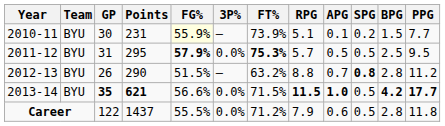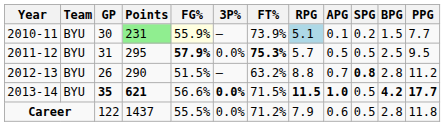 <table class="wikitable sortable">
 <tr>
 <th>Year</th>
 <th>Team</th>
 <th>GP</th>
 <th>Points</th>
 <th>FG%</th>
 <th>3P%</th>
 <th>FT%</th>
 <th>RPG</th>
 <th>APG</th>
 <th>SPG</th>
 <th>BPG</th>
 <th>PPG</th>
 </tr>
 <tr>
 <td>2010-11</td>
 <td>BYU</td>
 <td>30</td>
-<td>231</td>
+<td style="background: lightgreen;">231</td>
 <td style="background: lightyellow;">55.9%</td>
 <td>—</td>
 <td>73.9%</td>
-<td>5.1</td>
+<td style="background: lightblue;">5.1</td>
 <td>0.1</td>
 <td>0.2</td>
 <td>1.5</td>
 <td>7.7</td>
 </tr>
 <tr>
 <td>2011-12</td>
 <td>BYU</td>
 <td>31</td>
 <td>295</td>
 <td><strong>57.9%</strong></td>
 <td>0.0%</td>
 <td><strong>75.3%</strong></td>
 <td>5.7</td>
 <td>0.5</td>
 <td>0.5</td>
 <td>2.5</td>
 <td>9.5</td>
 </tr>
 <tr>
 <td>2012-13</td>
 <td>BYU</td>
 <td>26</td>
 <td>290</td>
 <td>51.5%</td>
 <td>—</td>
 <td>63.2%</td>
 <td>8.8</td>
 <td>0.7</td>
 <td><strong>0.8</strong></td>
 <td>2.8</td>
 <td>11.2</td>
 </tr>
 <tr>
 <td>2013-14</td>
 <td>BYU</td>
 <td><strong>35</strong></td>
 <td><strong>621</strong></td>
 <td>56.6%</td>
-<td>0.0%</td>
+<td><strong>0.0%</strong></td>
 <td>71.5%</td>
 <td><strong>11.5</strong></td>
 <td><strong>1.0</strong></td>
 <td>0.5</td>
 <td><strong>4.2</strong></td>
 <td><strong>17.7</strong></td>
 </tr>
 <tr class="sortbottom">
 <td colspan=2 align=center><strong>Career</strong></td>
 <td>122</td>
 <td>1437</td>
 <td>55.5%</td>
 <td>0.0%</td>
 <td>71.2%</td>
 <td>7.9</td>
 <td>0.6</td>
 <td>0.5</td>
 <td>2.8</td>
 <td>11.8</td>
 </tr>
 </table>
